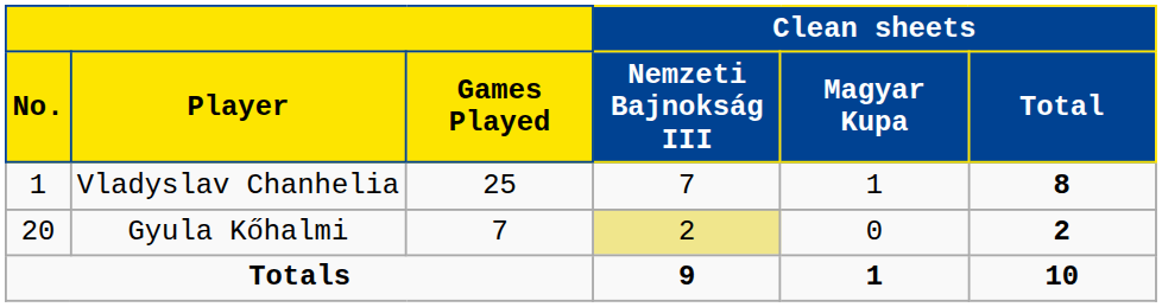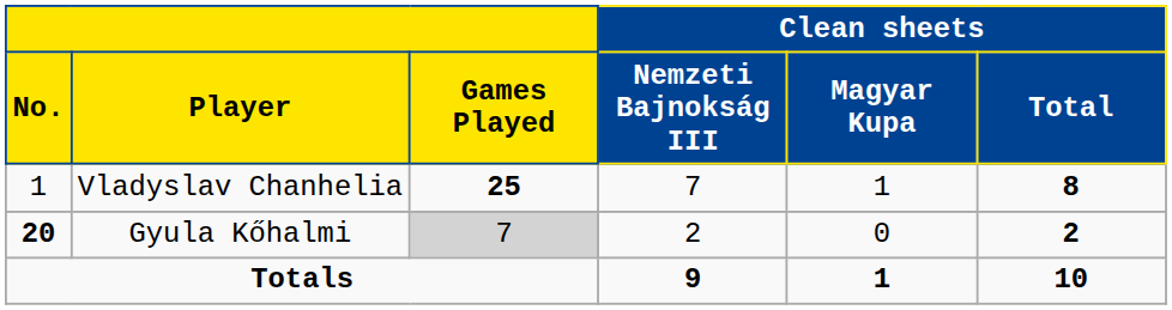 <table class="wikitable sortable alternance" style="text-align:center">
 <tr>
 <th colspan="3" style="background:#FDE500;border:1px solid #004292"></th>
 <th colspan="4" style="background:#004292;color:white;border:1px solid #FDE500">Clean sheets</th>
 </tr>
 <tr>
 <th style="background-color:#FDE500;color:black;border:1px solid #004292">No.</th>
 <th style="background-color:#FDE500;color:black;border:1px solid #004292">Player</th>
 <th width=80 style="background-color:#FDE500;color:black;border:1px solid #004292">Games Played</th>
 <th width=80 style="background-color:#004292;color:white;border:1px solid #FDE500">Nemzeti Bajnokság III</th>
 <th width=80 style="background-color:#004292;color:white;border:1px solid #FDE500">Magyar Kupa</th>
 <th width=80 style="background-color:#004292;color:white;border:1px solid #FDE500">Total</th>
 </tr>
 <tr>
 <td>1</td>
 <td> Vladyslav Chanhelia</td>
-<td>25</td>
+<td><strong>25</strong></td>
 <td>7</td>
 <td>1</td>
 <td><strong>8</strong></td>
 </tr>
 <tr>
-<td>20</td>
+<td><strong>20</strong></td>
 <td> Gyula Kőhalmi</td>
-<td>7</td>
-<td style="background: khaki;">2</td>
+<td style="background: lightgrey;">7</td>
+<td>2</td>
 <td>0</td>
 <td><strong>2</strong></td>
 </tr>
 <tr class="sortbottom">
 <td colspan="3"><strong>Totals</strong></td>
 <td><strong>9</strong></td>
 <td><strong>1</strong></td>
 <td><strong>10</strong></td>
 </tr>
 </table>
